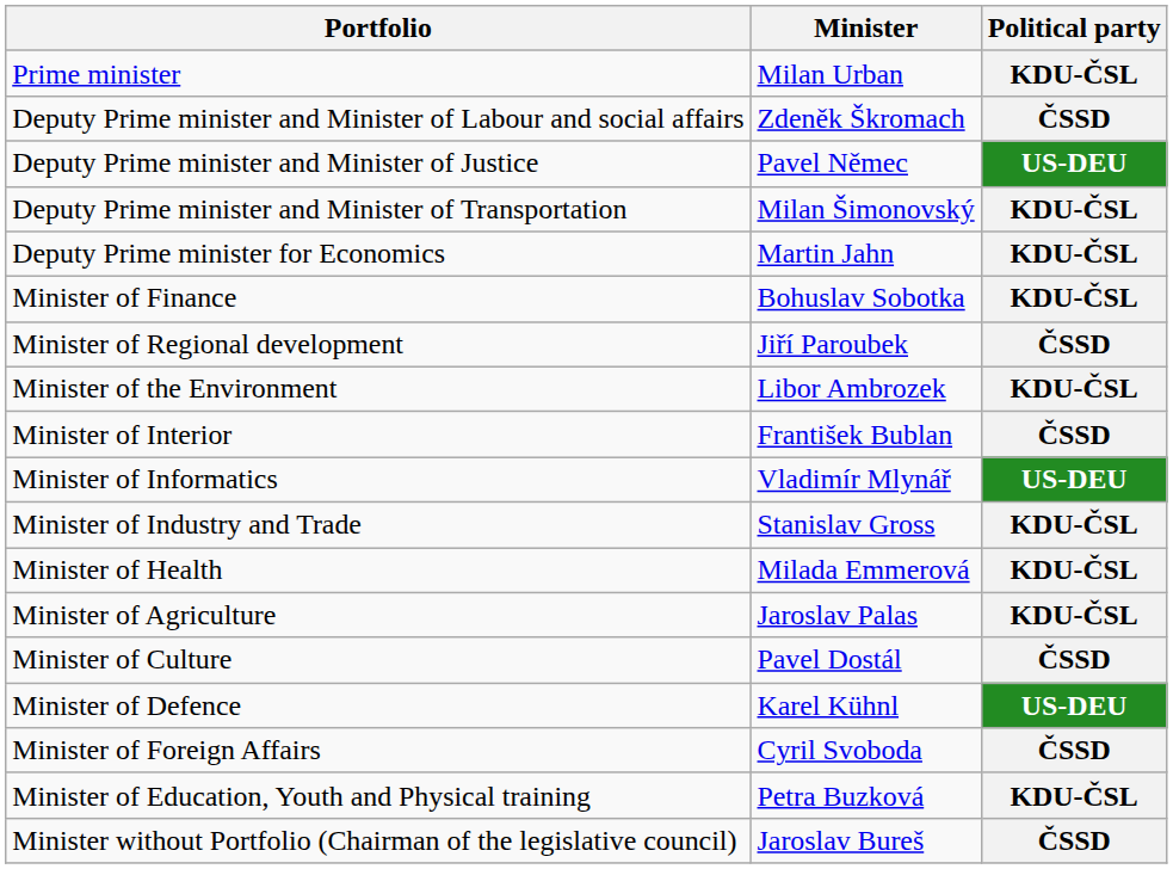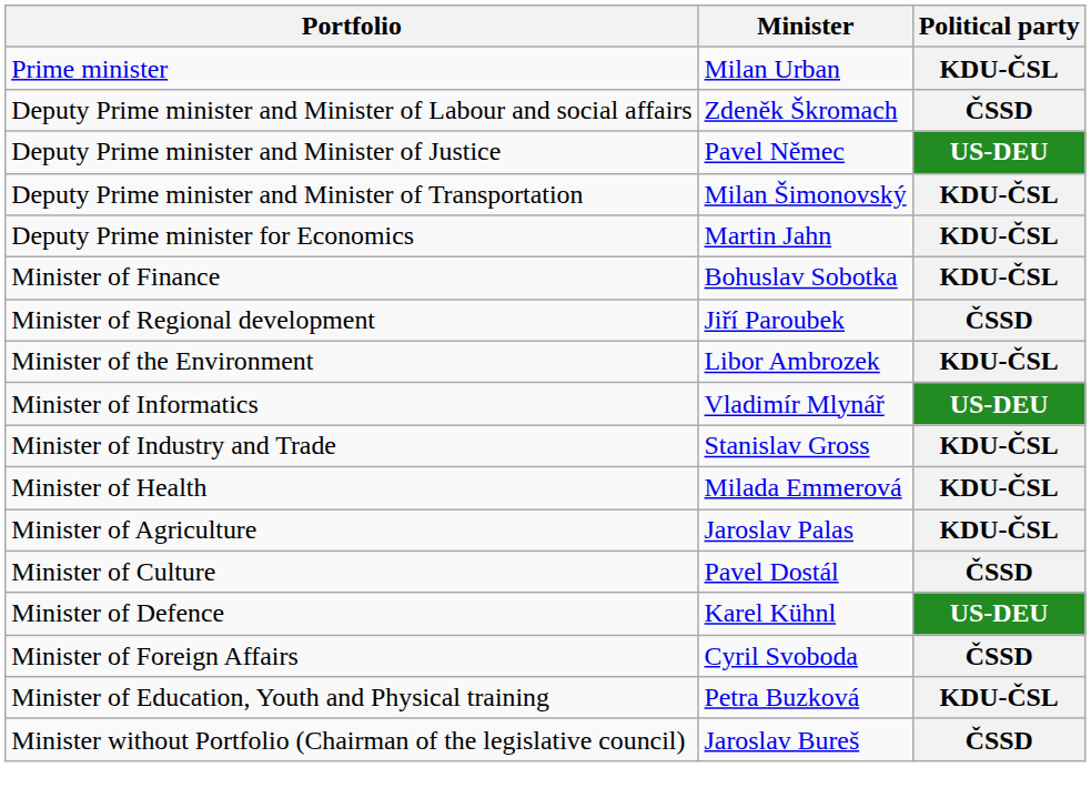 <table class="wikitable">
 <tr>
 <th>Portfolio</th>
 <th>Minister</th>
 <th>Political party</th>
 </tr>
 <tr>
 <td><a href='#'>Prime minister</a></td>
 <td><a href='#'>Milan Urban</a></td>
 <th style="background-color:">KDU-ČSL</th>
 </tr>
 <tr>
 <td>Deputy Prime minister and Minister of Labour and social affairs</td>
 <td><a href='#'>Zdeněk Škromach</a></td>
 <th style="background-color:">ČSSD</th>
 </tr>
 <tr>
 <td>Deputy Prime minister and Minister of Justice</td>
 <td><a href='#'>Pavel Němec</a></td>
 <th style="background-color:#228b22; color:white">US-DEU</th>
 </tr>
 <tr>
 <td>Deputy Prime minister and Minister of Transportation</td>
 <td><a href='#'>Milan Šimonovský</a></td>
 <th style="background-color:">KDU-ČSL</th>
 </tr>
 <tr>
 <td>Deputy Prime minister for Economics</td>
 <td><a href='#'>Martin Jahn</a></td>
 <th style="background-color:">KDU-ČSL</th>
 </tr>
 <tr>
 <td>Minister of Finance</td>
 <td><a href='#'>Bohuslav Sobotka</a></td>
 <th style="background-color:">KDU-ČSL</th>
 </tr>
 <tr>
 <td>Minister of Regional development</td>
 <td><a href='#'>Jiří Paroubek</a></td>
 <th style="background-color:">ČSSD</th>
 </tr>
 <tr>
 <td>Minister of the Environment</td>
 <td><a href='#'>Libor Ambrozek</a></td>
 <th style="background-color:">KDU-ČSL</th>
 </tr>
 <tr>
-<td>Minister of Interior</td>
-<td><a href='#'>František Bublan</a></td>
-<th style="background-color:">ČSSD</th>
-</tr>
-<tr>
 <td>Minister of Informatics</td>
 <td><a href='#'>Vladimír Mlynář</a></td>
 <th style="background-color:#228b22; color:white">US-DEU</th>
 </tr>
 <tr>
 <td>Minister of Industry and Trade</td>
 <td><a href='#'>Stanislav Gross</a></td>
 <th style="background-color:">KDU-ČSL</th>
 </tr>
 <tr>
 <td>Minister of Health</td>
 <td><a href='#'>Milada Emmerová</a></td>
 <th style="background-color:">KDU-ČSL</th>
 </tr>
 <tr>
 <td>Minister of Agriculture</td>
 <td><a href='#'>Jaroslav Palas</a></td>
 <th style="background-color:">KDU-ČSL</th>
 </tr>
 <tr>
 <td>Minister of Culture</td>
 <td><a href='#'>Pavel Dostál</a></td>
 <th style="background-color:">ČSSD</th>
 </tr>
 <tr>
 <td>Minister of Defence</td>
 <td><a href='#'>Karel Kühnl</a></td>
 <th style="background-color:#228b22; color:white">US-DEU</th>
 </tr>
 <tr>
 <td>Minister of Foreign Affairs</td>
 <td><a href='#'>Cyril Svoboda</a></td>
 <th style="background-color:">ČSSD</th>
 </tr>
 <tr>
 <td>Minister of Education, Youth and Physical training</td>
 <td><a href='#'>Petra Buzková</a></td>
 <th style="background-color:">KDU-ČSL</th>
 </tr>
 <tr>
 <td>Minister without Portfolio (Chairman of the legislative council)</td>
 <td><a href='#'>Jaroslav Bureš</a></td>
 <th style="background-color:">ČSSD</th>
 </tr>
 </table>
